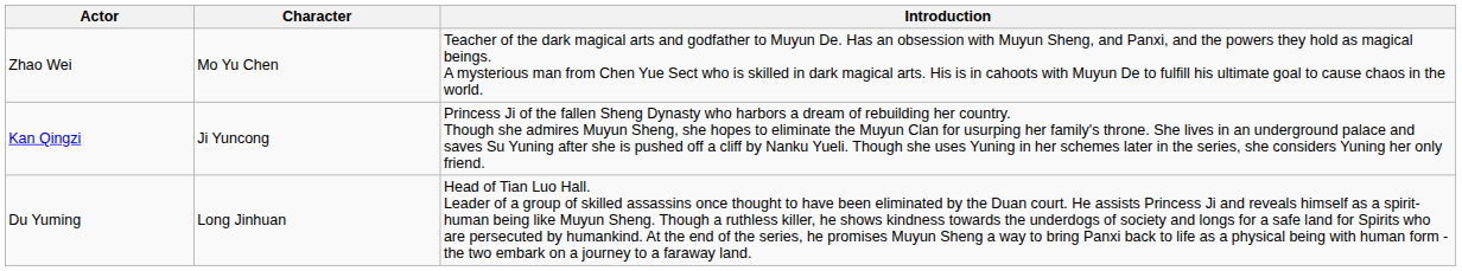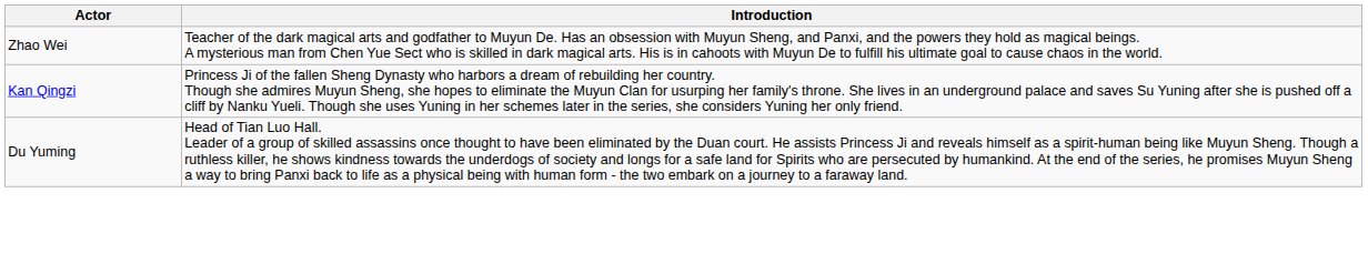 <table class="wikitable">
 <tr>
 <th style="width:13%">Actor</th>
-<th style="width:17%">Character</th>
 <th>Introduction</th>
 </tr>
 <tr>
 <td>Zhao Wei</td>
-<td>Mo Yu Chen</td>
 <td>Teacher of the dark magical arts and godfather to Muyun De. Has an obsession with Muyun Sheng, and Panxi, and the powers they hold as magical beings.<br>A mysterious man from Chen Yue Sect who is skilled in dark magical arts. His is in cahoots with Muyun De to fulfill his ultimate goal to cause chaos in the world.</td>
 </tr>
 <tr>
 <td><a href='#'>Kan Qingzi</a></td>
-<td>Ji Yuncong</td>
 <td>Princess Ji of the fallen Sheng Dynasty who harbors a dream of rebuilding her country.<br>Though she admires Muyun Sheng, she hopes to eliminate the Muyun Clan for usurping her family's throne. She lives in an underground palace and saves Su Yuning after she is pushed off a cliff by Nanku Yueli. Though she uses Yuning in her schemes later in the series, she considers Yuning her only friend.</td>
 </tr>
 <tr>
 <td>Du Yuming</td>
-<td>Long Jinhuan</td>
 <td>Head of Tian Luo Hall.<br>Leader of a group of skilled assassins once thought to have been eliminated by the Duan court. He assists Princess Ji and reveals himself as a spirit-human being like Muyun Sheng. Though a ruthless killer, he shows kindness towards the underdogs of society and longs for a safe land for Spirits who are persecuted by humankind. At the end of the series, he promises Muyun Sheng a way to bring Panxi back to life as a physical being with human form - the two embark on a journey to a faraway land.</td>
 </tr>
 </table>
